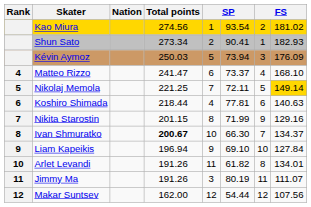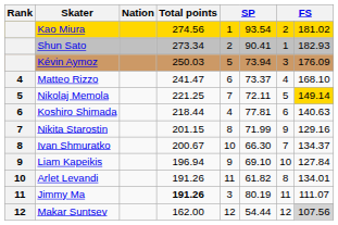 <table class="wikitable sortable" style="text-align:left">
 <tr>
 <th scope="col">Rank</th>
 <th scope="col">Skater</th>
 <th scope="col">Nation</th>
 <th scope="col">Total points</th>
 <th scope="col" colspan="2" width="80px"><a href='#'>SP</a></th>
 <th scope="col" colspan="2" width="80px"><a href='#'>FS</a></th>
 </tr>
 <tr bgcolor="gold">
 <th scope="row"></th>
 <td><a href='#'>Kao Miura</a></td>
 <td></td>
 <td align="center">274.56</td>
 <td align="center">1</td>
 <td align="center">93.54</td>
 <td align="center">2</td>
 <td align="center">181.02</td>
 </tr>
 <tr bgcolor="silver">
 <th scope="row"></th>
 <td><a href='#'>Shun Sato</a></td>
 <td></td>
 <td align="center">273.34</td>
 <td align="center">2</td>
 <td align="center">90.41</td>
 <td align="center">1</td>
 <td align="center">182.93</td>
 </tr>
 <tr bgcolor="cc9966">
 <th scope="row"></th>
 <td><a href='#'>Kévin Aymoz</a></td>
 <td></td>
 <td align="center">250.03</td>
 <td align="center">5</td>
 <td align="center">73.94</td>
 <td align="center">3</td>
 <td align="center">176.09</td>
 </tr>
 <tr>
 <th scope="row">4</th>
 <td><a href='#'>Matteo Rizzo</a></td>
 <td></td>
 <td align="center">241.47</td>
 <td align="center">6</td>
 <td align="center">73.37</td>
 <td align="center">4</td>
 <td align="center">168.10</td>
 </tr>
 <tr>
 <th scope="row">5</th>
 <td><a href='#'>Nikolaj Memola</a></td>
 <td></td>
 <td align="center">221.25</td>
 <td align="center">7</td>
 <td align="center">72.11</td>
 <td align="center">5</td>
 <td align="center" style="background: gold;">149.14</td>
 </tr>
 <tr>
 <th scope="row">6</th>
 <td><a href='#'>Koshiro Shimada</a></td>
 <td></td>
 <td align="center">218.44</td>
 <td align="center">4</td>
 <td align="center">77.81</td>
 <td align="center">6</td>
 <td align="center">140.63</td>
 </tr>
 <tr>
 <th scope="row">7</th>
 <td><a href='#'>Nikita Starostin</a></td>
 <td></td>
 <td align="center">201.15</td>
 <td align="center">8</td>
 <td align="center">71.99</td>
 <td align="center">9</td>
 <td align="center">129.16</td>
 </tr>
 <tr>
 <th scope="row">8</th>
 <td><a href='#'>Ivan Shmuratko</a></td>
 <td></td>
-<td align="center"><strong>200.67</strong></td>
+<td align="center">200.67</td>
 <td align="center">10</td>
 <td align="center">66.30</td>
 <td align="center">7</td>
 <td align="center">134.37</td>
 </tr>
 <tr>
 <th scope="row">9</th>
 <td><a href='#'>Liam Kapeikis</a></td>
 <td></td>
 <td align="center">196.94</td>
 <td align="center">9</td>
 <td align="center">69.10</td>
 <td align="center">10</td>
 <td align="center">127.84</td>
 </tr>
 <tr>
 <th scope="row">10</th>
 <td><a href='#'>Arlet Levandi</a></td>
 <td></td>
 <td align="center">191.26</td>
 <td align="center">11</td>
 <td align="center">61.82</td>
 <td align="center">8</td>
 <td align="center">134.01</td>
 </tr>
 <tr>
 <th scope="row">11</th>
 <td><a href='#'>Jimmy Ma</a></td>
 <td></td>
-<td align="center">191.26</td>
+<td align="center"><strong>191.26</strong></td>
 <td align="center">3</td>
 <td align="center">80.19</td>
 <td align="center">11</td>
 <td align="center">111.07</td>
 </tr>
 <tr>
 <th scope="row">12</th>
 <td><a href='#'>Makar Suntsev</a></td>
 <td></td>
 <td align="center">162.00</td>
 <td align="center">12</td>
 <td align="center">54.44</td>
 <td align="center">12</td>
-<td align="center">107.56</td>
+<td align="center" style="background: lightgrey;">107.56</td>
 </tr>
 </table>
